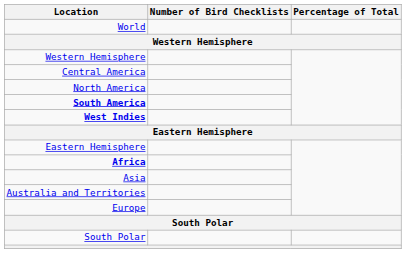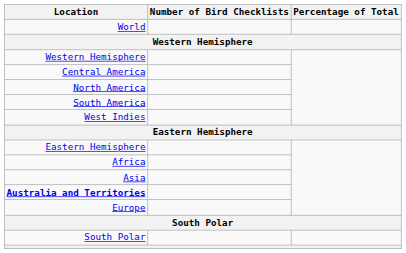 <table class=wikitable style=text-align:right>
 <tr>
 <th>Location</th>
 <th>Number of Bird Checklists</th>
 <th>Percentage of Total</th>
 </tr>
 <tr>
 <td><a href='#'>World</a></td>
 <td></td>
 </tr>
 <tr>
 <th colspan="3">Western Hemisphere</th>
 </tr>
 <tr>
 <td><a href='#'>Western Hemisphere</a></td>
 <td></td>
 </tr>
 <tr>
 <td><a href='#'>Central America</a></td>
 <td></td>
 </tr>
 <tr>
 <td><a href='#'>North America</a></td>
 <td></td>
 </tr>
 <tr>
-<td><strong><a href='#'>South America</a></strong></td>
+<td><a href='#'>South America</a></td>
 <td></td>
 </tr>
 <tr>
-<td><strong><a href='#'>West Indies</a></strong></td>
+<td><a href='#'>West Indies</a></td>
 <td></td>
 </tr>
 <tr>
 <th colspan="3">Eastern Hemisphere</th>
 </tr>
 <tr>
 <td><a href='#'>Eastern Hemisphere</a></td>
 <td></td>
 </tr>
 <tr>
-<td><strong><a href='#'>Africa</a></strong></td>
+<td><a href='#'>Africa</a></td>
 <td></td>
 </tr>
 <tr>
 <td><a href='#'>Asia</a></td>
 <td></td>
 </tr>
 <tr>
-<td><a href='#'>Australia and Territories</a></td>
+<td><strong><a href='#'>Australia and Territories</a></strong></td>
 <td></td>
 </tr>
 <tr>
 <td><a href='#'>Europe</a></td>
 <td></td>
 </tr>
 <tr>
 <th colspan="3">South Polar</th>
 </tr>
 <tr>
 <td><a href='#'>South Polar</a></td>
 <td></td>
 </tr>
 <tr>
 <th colspan="3" style="text-align:center; font-size:8pt;"></th>
 </tr>
 </table>
